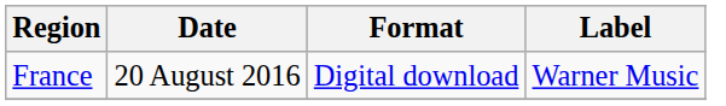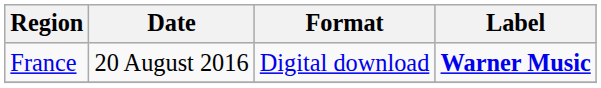 <table class=wikitable>
 <tr>
 <th>Region</th>
 <th>Date</th>
 <th>Format</th>
 <th>Label</th>
 </tr>
 <tr>
 <td><a href='#'>France</a></td>
 <td>20 August 2016</td>
 <td><a href='#'>Digital download</a></td>
-<td><a href='#'>Warner Music</a></td>
+<td><strong><a href='#'>Warner Music</a></strong></td>
 </tr>
 <tr>
 </tr>
 </table>
